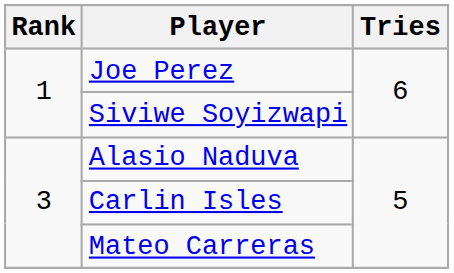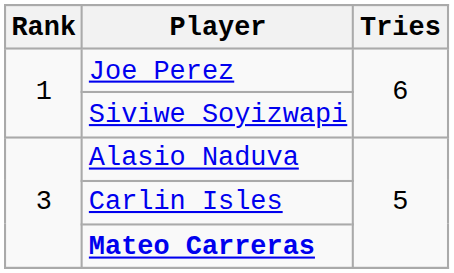 <table class="wikitable sortable">
 <tr>
 </tr>
 <tr>
 <th>Rank</th>
 <th>Player</th>
 <th>Tries</th>
 </tr>
 <tr>
 <td align=center rowspan=2>1</td>
 <td> <a href='#'>Joe Perez</a></td>
 <td align=center rowspan=2>6</td>
 </tr>
 <tr>
 <td> <a href='#'>Siviwe Soyizwapi</a></td>
 </tr>
 <tr>
 <td align=center rowspan=3>3</td>
 <td> <a href='#'>Alasio Naduva</a></td>
 <td align=center rowspan=3>5</td>
 </tr>
 <tr>
 <td> <a href='#'>Carlin Isles</a></td>
 </tr>
 <tr>
-<td> <a href='#'>Mateo Carreras</a></td>
+<td><strong> <a href='#'>Mateo Carreras</a></strong></td>
 </tr>
 <tr>
 </tr>
 </table>
